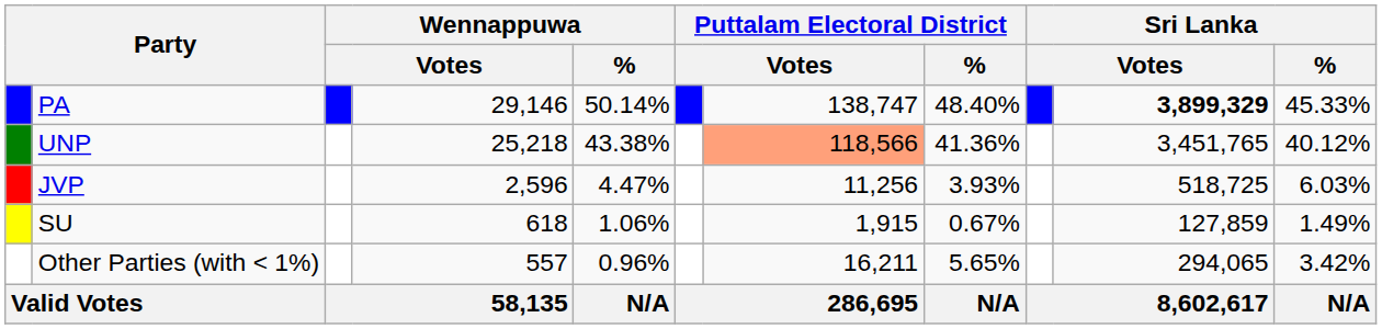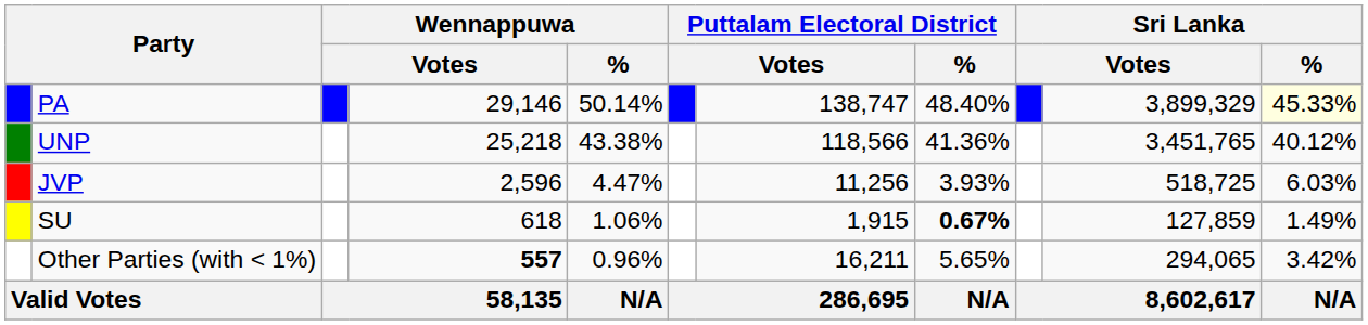 <table class="wikitable">
 <tr>
 <th colspan="2" width="144px"rowspan="2">Party</th>
 <th colspan="3" width="216px">Wennappuwa</th>
 <th colspan="3" width="216px"><a href='#'>Puttalam Electoral District</a></th>
 <th colspan="3" width="216px">Sri Lanka</th>
 </tr>
 <tr>
 <th colspan="2" width="144px">Votes</th>
 <th>%</th>
 <th colspan="2" width="144px">Votes</th>
 <th>%</th>
 <th colspan="2" width="144px">Votes</th>
 <th>%</th>
 </tr>
 <tr>
 <td style="background-color:blue;" width="10px"></td>
 <td style="text-align:left;"><a href='#'>PA</a></td>
 <td style="background-color:blue;" width="10px"></td>
 <td style="text-align:right;">29,146</td>
 <td style="text-align:right;">50.14%</td>
 <td style="background-color:blue;" width="10px"></td>
 <td style="text-align:right;">138,747</td>
 <td style="text-align:right;">48.40%</td>
 <td style="background-color:blue;" width="10px"></td>
-<td style="text-align:right;"><strong>3,899,329</strong></td>
-<td style="text-align:right;">45.33%</td>
+<td style="text-align:right;">3,899,329</td>
+<td style="background: lightyellow; text-align:right;">45.33%</td>
 </tr>
 <tr>
 <td style="background-color:green;" width="10px"></td>
 <td style="text-align:left;"><a href='#'>UNP</a></td>
 <td style="background-color:white;" width="10px"></td>
 <td style="text-align:right;">25,218</td>
 <td style="text-align:right;">43.38%</td>
 <td style="background-color:white;" width="10px"></td>
-<td style="background: lightsalmon; text-align:right;">118,566</td>
+<td style="text-align:right;">118,566</td>
 <td style="text-align:right;">41.36%</td>
 <td style="background-color:white;" width="10px"></td>
 <td style="text-align:right;">3,451,765</td>
 <td style="text-align:right;">40.12%</td>
 </tr>
 <tr>
 <td style="background-color:red;" width="10px"></td>
 <td style="text-align:left;"><a href='#'>JVP</a></td>
 <td style="background-color:white;" width="10px"></td>
 <td style="text-align:right;">2,596</td>
 <td style="text-align:right;">4.47%</td>
 <td style="background-color:white;" width="10px"></td>
 <td style="text-align:right;">11,256</td>
 <td style="text-align:right;">3.93%</td>
 <td style="background-color:white;" width="10px"></td>
 <td style="text-align:right;">518,725</td>
 <td style="text-align:right;">6.03%</td>
 </tr>
 <tr>
 <td style="background-color:yellow;" width="10px"></td>
 <td style="text-align:left;">SU</td>
 <td style="background-color:white;" width="10px"></td>
 <td style="text-align:right;">618</td>
 <td style="text-align:right;">1.06%</td>
 <td style="background-color:white;" width="10px"></td>
 <td style="text-align:right;">1,915</td>
-<td style="text-align:right;">0.67%</td>
+<td style="text-align:right;"><strong>0.67%</strong></td>
 <td style="background-color:white;" width="10px"></td>
 <td style="text-align:right;">127,859</td>
 <td style="text-align:right;">1.49%</td>
 </tr>
 <tr>
 <td style="background-color:white;" width="10px"></td>
 <td style="text-align:left;">Other Parties (with < 1%)</td>
 <td style="background-color:white;" width="10px"></td>
-<td style="text-align:right;">557</td>
+<td style="text-align:right;"><strong>557</strong></td>
 <td style="text-align:right;">0.96%</td>
 <td style="background-color:white;" width="10px"></td>
 <td style="text-align:right;">16,211</td>
 <td style="text-align:right;">5.65%</td>
 <td style="background-color:white;" width="10px"></td>
 <td style="text-align:right;">294,065</td>
 <td style="text-align:right;">3.42%</td>
 </tr>
 <tr>
 <th colspan="2" width="144px"style="text-align:left;">Valid Votes</th>
 <th style="text-align:right;"colspan="2" width="144px">58,135</th>
 <th style="text-align:right;">N/A</th>
 <th style="text-align:right;"colspan="2" width="144px">286,695</th>
 <th style="text-align:right;">N/A</th>
 <th style="text-align:right;"colspan="2" width="144px">8,602,617</th>
 <th style="text-align:right;">N/A</th>
 </tr>
 </table>
